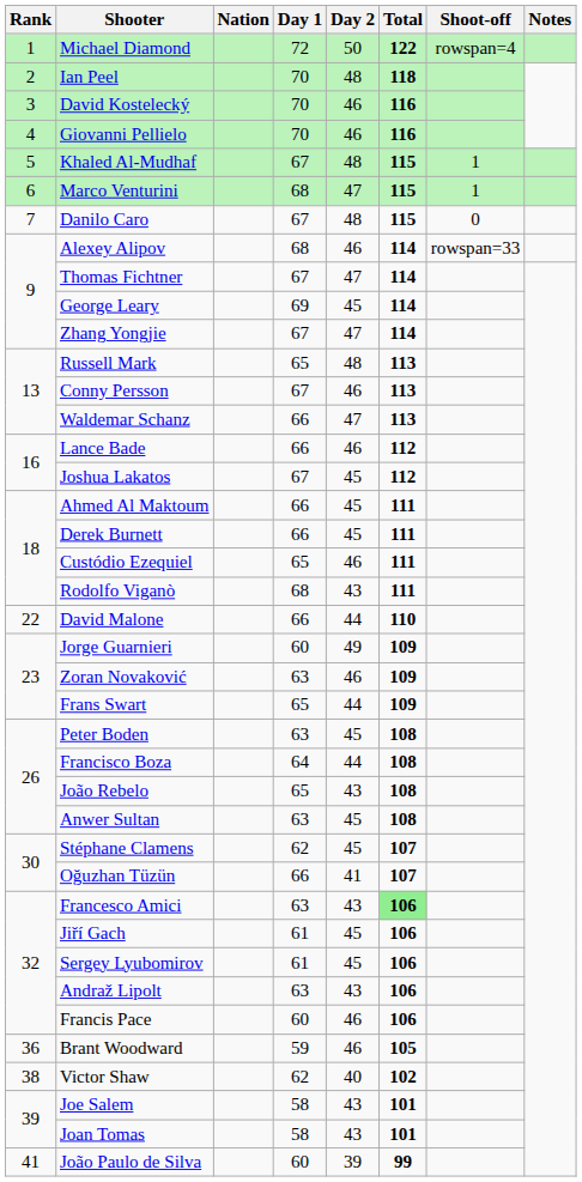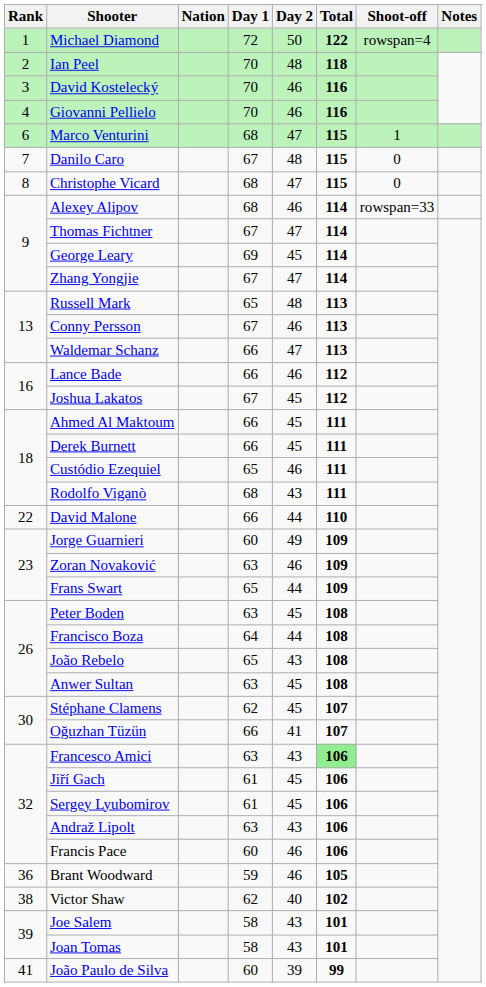 <table class="wikitable sortable" style="text-align: center">
 <tr>
 <th>Rank</th>
 <th>Shooter</th>
 <th>Nation</th>
 <th>Day 1</th>
 <th>Day 2</th>
 <th>Total</th>
 <th>Shoot-off</th>
 <th>Notes</th>
 </tr>
 <tr bgcolor=#bbf3bb>
 <td>1</td>
 <td align=left><a href='#'>Michael Diamond</a></td>
 <td align=left></td>
 <td>72</td>
 <td>50</td>
 <td><strong>122</strong></td>
 <td>rowspan=4 </td>
 <td></td>
 </tr>
 <tr bgcolor=#bbf3bb>
 <td>2</td>
 <td align=left><a href='#'>Ian Peel</a></td>
 <td align=left></td>
 <td>70</td>
 <td>48</td>
 <td><strong>118</strong></td>
 <td></td>
 </tr>
 <tr bgcolor=#bbf3bb>
 <td>3</td>
 <td align=left><a href='#'>David Kostelecký</a></td>
 <td align=left></td>
 <td>70</td>
 <td>46</td>
 <td><strong>116</strong></td>
 <td></td>
 </tr>
 <tr bgcolor=#bbf3bb>
 <td>4</td>
 <td align=left><a href='#'>Giovanni Pellielo</a></td>
 <td align=left></td>
 <td>70</td>
 <td>46</td>
 <td><strong>116</strong></td>
 <td></td>
 </tr>
 <tr bgcolor=#bbf3bb>
-<td>5</td>
-<td align=left><a href='#'>Khaled Al-Mudhaf</a></td>
-<td align=left></td>
-<td>67</td>
-<td>48</td>
-<td><strong>115</strong></td>
-<td>1</td>
-<td></td>
-</tr>
-<tr bgcolor=#bbf3bb>
 <td>6</td>
 <td align=left><a href='#'>Marco Venturini</a></td>
 <td align=left></td>
 <td>68</td>
 <td>47</td>
 <td><strong>115</strong></td>
 <td>1</td>
 <td></td>
 </tr>
 <tr>
 <td>7</td>
 <td align=left><a href='#'>Danilo Caro</a></td>
 <td align=left></td>
 <td>67</td>
 <td>48</td>
+<td><strong>115</strong></td>
+<td>0</td>
+<td></td>
+</tr>
+<tr>
+<td>8</td>
+<td align=left><a href='#'>Christophe Vicard</a></td>
+<td align=left></td>
+<td>68</td>
+<td>47</td>
 <td><strong>115</strong></td>
 <td>0</td>
 <td></td>
 </tr>
 <tr>
 <td rowspan=4>9</td>
 <td align=left><a href='#'>Alexey Alipov</a></td>
 <td align=left></td>
 <td>68</td>
 <td>46</td>
 <td><strong>114</strong></td>
 <td>rowspan=33 </td>
 <td></td>
 </tr>
 <tr>
 <td align=left><a href='#'>Thomas Fichtner</a></td>
 <td align=left></td>
 <td>67</td>
 <td>47</td>
 <td><strong>114</strong></td>
 <td></td>
 </tr>
 <tr>
 <td align=left><a href='#'>George Leary</a></td>
 <td align=left></td>
 <td>69</td>
 <td>45</td>
 <td><strong>114</strong></td>
 <td></td>
 </tr>
 <tr>
 <td align=left><a href='#'>Zhang Yongjie</a></td>
 <td align=left></td>
 <td>67</td>
 <td>47</td>
 <td><strong>114</strong></td>
 <td></td>
 </tr>
 <tr>
 <td rowspan=3>13</td>
 <td align=left><a href='#'>Russell Mark</a></td>
 <td align=left></td>
 <td>65</td>
 <td>48</td>
 <td><strong>113</strong></td>
 <td></td>
 </tr>
 <tr>
 <td align=left><a href='#'>Conny Persson</a></td>
 <td align=left></td>
 <td>67</td>
 <td>46</td>
 <td><strong>113</strong></td>
 <td></td>
 </tr>
 <tr>
 <td align=left><a href='#'>Waldemar Schanz</a></td>
 <td align=left></td>
 <td>66</td>
 <td>47</td>
 <td><strong>113</strong></td>
 <td></td>
 </tr>
 <tr>
 <td rowspan=2>16</td>
 <td align=left><a href='#'>Lance Bade</a></td>
 <td align=left></td>
 <td>66</td>
 <td>46</td>
 <td><strong>112</strong></td>
 <td></td>
 </tr>
 <tr>
 <td align=left><a href='#'>Joshua Lakatos</a></td>
 <td align=left></td>
 <td>67</td>
 <td>45</td>
 <td><strong>112</strong></td>
 <td></td>
 </tr>
 <tr>
 <td rowspan=4>18</td>
 <td align=left><a href='#'>Ahmed Al Maktoum</a></td>
 <td align=left></td>
 <td>66</td>
 <td>45</td>
 <td><strong>111</strong></td>
 <td></td>
 </tr>
 <tr>
 <td align=left><a href='#'>Derek Burnett</a></td>
 <td align=left></td>
 <td>66</td>
 <td>45</td>
 <td><strong>111</strong></td>
 <td></td>
 </tr>
 <tr>
 <td align=left><a href='#'>Custódio Ezequiel</a></td>
 <td align=left></td>
 <td>65</td>
 <td>46</td>
 <td><strong>111</strong></td>
 <td></td>
 </tr>
 <tr>
 <td align=left><a href='#'>Rodolfo Viganò</a></td>
 <td align=left></td>
 <td>68</td>
 <td>43</td>
 <td><strong>111</strong></td>
 <td></td>
 </tr>
 <tr>
 <td>22</td>
 <td align=left><a href='#'>David Malone</a></td>
 <td align=left></td>
 <td>66</td>
 <td>44</td>
 <td><strong>110</strong></td>
 <td></td>
 </tr>
 <tr>
 <td rowspan=3>23</td>
 <td align=left><a href='#'>Jorge Guarnieri</a></td>
 <td align=left></td>
 <td>60</td>
 <td>49</td>
 <td><strong>109</strong></td>
 <td></td>
 </tr>
 <tr>
 <td align=left><a href='#'>Zoran Novaković</a></td>
 <td align=left></td>
 <td>63</td>
 <td>46</td>
 <td><strong>109</strong></td>
 <td></td>
 </tr>
 <tr>
 <td align=left><a href='#'>Frans Swart</a></td>
 <td align=left></td>
 <td>65</td>
 <td>44</td>
 <td><strong>109</strong></td>
 <td></td>
 </tr>
 <tr>
 <td rowspan=4>26</td>
 <td align=left><a href='#'>Peter Boden</a></td>
 <td align=left></td>
 <td>63</td>
 <td>45</td>
 <td><strong>108</strong></td>
 <td></td>
 </tr>
 <tr>
 <td align=left><a href='#'>Francisco Boza</a></td>
 <td align=left></td>
 <td>64</td>
 <td>44</td>
 <td><strong>108</strong></td>
 <td></td>
 </tr>
 <tr>
 <td align=left><a href='#'>João Rebelo</a></td>
 <td align=left></td>
 <td>65</td>
 <td>43</td>
 <td><strong>108</strong></td>
 <td></td>
 </tr>
 <tr>
 <td align=left><a href='#'>Anwer Sultan</a></td>
 <td align=left></td>
 <td>63</td>
 <td>45</td>
 <td><strong>108</strong></td>
 <td></td>
 </tr>
 <tr>
 <td rowspan=2>30</td>
 <td align=left><a href='#'>Stéphane Clamens</a></td>
 <td align=left></td>
 <td>62</td>
 <td>45</td>
 <td><strong>107</strong></td>
 <td></td>
 </tr>
 <tr>
 <td align=left><a href='#'>Oğuzhan Tüzün</a></td>
 <td align=left></td>
 <td>66</td>
 <td>41</td>
 <td><strong>107</strong></td>
 <td></td>
 </tr>
 <tr>
 <td rowspan=5>32</td>
 <td align=left><a href='#'>Francesco Amici</a></td>
 <td align=left></td>
 <td>63</td>
 <td>43</td>
 <td style="background: lightgreen;"><strong>106</strong></td>
 <td></td>
 </tr>
 <tr>
 <td align=left><a href='#'>Jiří Gach</a></td>
 <td align=left></td>
 <td>61</td>
 <td>45</td>
 <td><strong>106</strong></td>
 <td></td>
 </tr>
 <tr>
 <td align=left><a href='#'>Sergey Lyubomirov</a></td>
 <td align=left></td>
 <td>61</td>
 <td>45</td>
 <td><strong>106</strong></td>
 <td></td>
 </tr>
 <tr>
 <td align=left><a href='#'>Andraž Lipolt</a></td>
 <td align=left></td>
 <td>63</td>
 <td>43</td>
 <td><strong>106</strong></td>
 <td></td>
 </tr>
 <tr>
 <td align=left>Francis Pace</td>
 <td align=left></td>
 <td>60</td>
 <td>46</td>
 <td><strong>106</strong></td>
 <td></td>
 </tr>
 <tr>
 <td>36</td>
 <td align=left>Brant Woodward</td>
 <td align=left></td>
 <td>59</td>
 <td>46</td>
 <td><strong>105</strong></td>
 <td></td>
 </tr>
 <tr>
 <td>38</td>
 <td align=left>Victor Shaw</td>
 <td align=left></td>
 <td>62</td>
 <td>40</td>
 <td><strong>102</strong></td>
 <td></td>
 </tr>
 <tr>
 <td rowspan=2>39</td>
 <td align=left><a href='#'>Joe Salem</a></td>
 <td align=left></td>
 <td>58</td>
 <td>43</td>
 <td><strong>101</strong></td>
 <td></td>
 </tr>
 <tr>
 <td align=left><a href='#'>Joan Tomas</a></td>
 <td align=left></td>
 <td>58</td>
 <td>43</td>
 <td><strong>101</strong></td>
 <td></td>
 </tr>
 <tr>
 <td>41</td>
 <td align=left><a href='#'>João Paulo de Silva</a></td>
 <td align=left></td>
 <td>60</td>
 <td>39</td>
 <td><strong> 99</strong></td>
 <td></td>
 </tr>
 </table>
